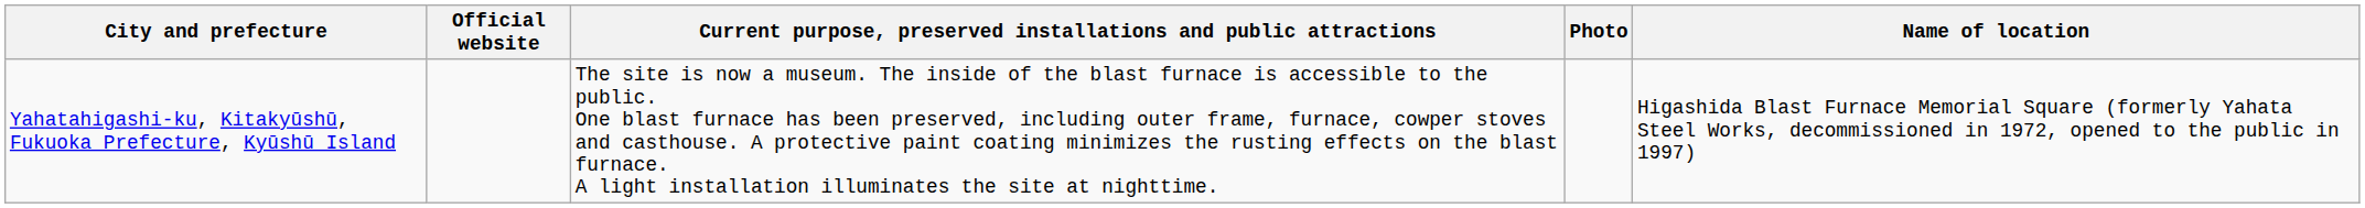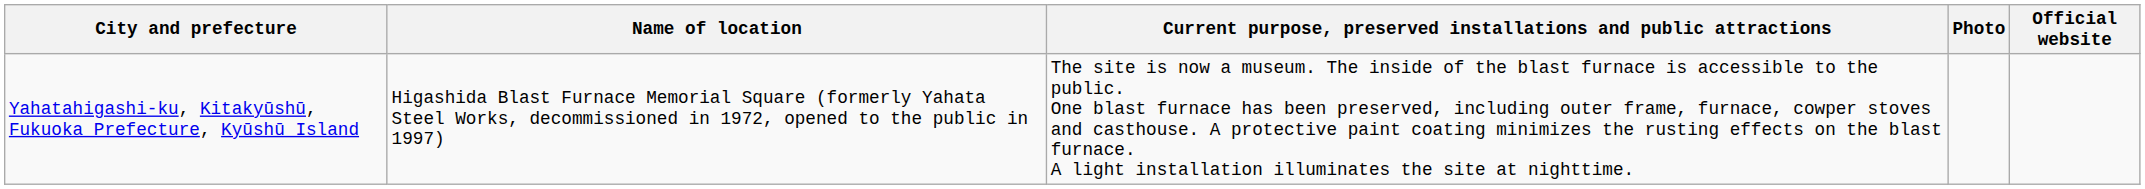 <table class="wikitable">
 <tr>
 <th>City and prefecture</th>
-<th>Official website</th>
+<th>Name of location</th>
 <th>Current purpose, preserved installations and public attractions</th>
 <th>Photo</th>
-<th>Name of location</th>
+<th>Official website</th>
 </tr>
 <tr>
 <td><a href='#'>Yahatahigashi-ku</a>, <a href='#'>Kitakyūshū</a>, <a href='#'>Fukuoka Prefecture</a>, <a href='#'>Kyūshū Island</a></td>
-<td></td>
+<td>Higashida Blast Furnace Memorial Square (formerly Yahata Steel Works, decommissioned in 1972, opened to the public in 1997)</td>
 <td>The site is now a museum. The inside of the blast furnace is accessible to the public.<br> One blast furnace has been preserved, including outer frame, furnace, cowper stoves and casthouse. A protective paint coating minimizes the rusting effects on the blast furnace.<br> A light installation illuminates the site at nighttime.</td>
 <td></td>
-<td>Higashida Blast Furnace Memorial Square (formerly Yahata Steel Works, decommissioned in 1972, opened to the public in 1997)</td>
+<td></td>
 </tr>
 </table>
